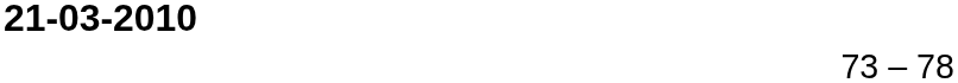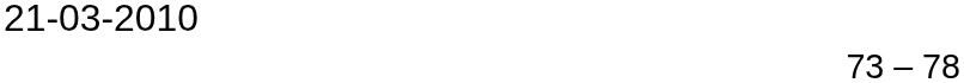 <table width=100% cellspacing=1>
 <tr>
 <th width=25%></th>
 <th width=10%></th>
 <th></th>
 </tr>
 <tr>
-<td><strong>21-03-2010</strong></td>
+<td>21-03-2010</td>
 </tr>
 <tr style=font-size:90%>
 <td align=right></td>
 <td align=center>73 – 78</td>
 <td></td>
 </tr>
 </table>
